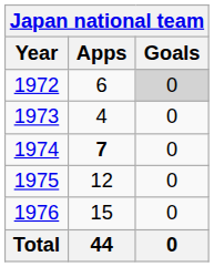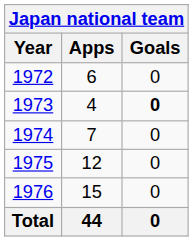 <table class="wikitable" style="text-align:center">
 <tr>
 <th colspan=3><a href='#'>Japan national team</a></th>
 </tr>
 <tr>
 <th>Year</th>
 <th>Apps</th>
 <th>Goals</th>
 </tr>
 <tr>
 <td><a href='#'>1972</a></td>
 <td>6</td>
-<td style="background: lightgrey;">0</td>
+<td>0</td>
 </tr>
 <tr>
 <td><a href='#'>1973</a></td>
 <td>4</td>
-<td>0</td>
+<td><strong>0</strong></td>
 </tr>
 <tr>
 <td><a href='#'>1974</a></td>
-<td><strong>7</strong></td>
+<td>7</td>
 <td>0</td>
 </tr>
 <tr>
 <td><a href='#'>1975</a></td>
 <td>12</td>
 <td>0</td>
 </tr>
 <tr>
 <td><a href='#'>1976</a></td>
 <td>15</td>
 <td>0</td>
 </tr>
 <tr>
 <th>Total</th>
 <th>44</th>
 <th>0</th>
 </tr>
 </table>
